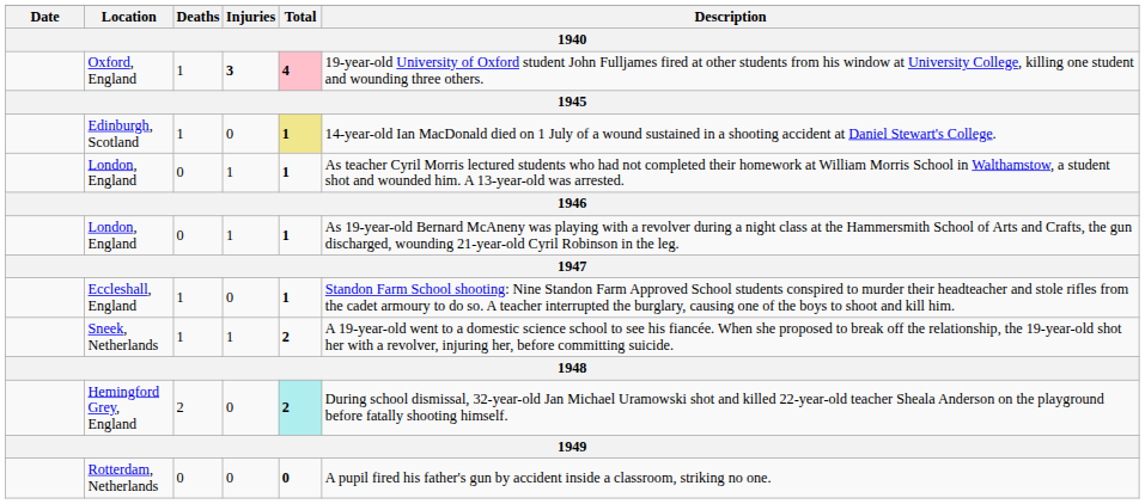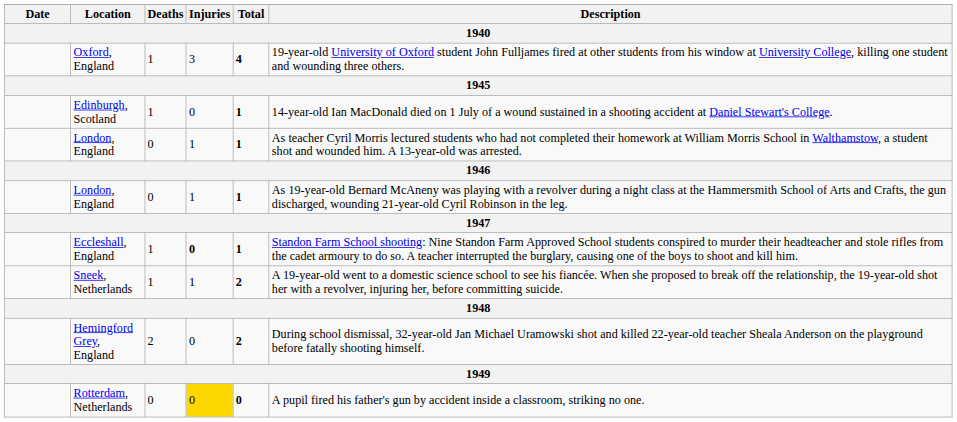 <table class="sortable wikitable" style="font-size:100%;" id="1940s">
 <tr>
 </tr>
 <tr>
 <th style="width:80px;">Date</th>
 <th style="width:90px;">Location</th>
 <th style="width:40px;">Deaths</th>
 <th style="width:40px;">Injuries</th>
 <th style="width:40px;">Total</th>
 <th class="unsortable">Description</th>
 </tr>
 <tr>
 <th colspan="7">1940 </th>
 </tr>
 <tr>
 <td></td>
 <td><a href='#'>Oxford</a>, England</td>
 <td>1</td>
-<td><strong>3</strong></td>
-<td style="background: pink;"><strong>4</strong></td>
+<td>3</td>
+<td><strong>4</strong></td>
 <td>19-year-old <a href='#'>University of Oxford</a> student John Fulljames fired at other students from his window at <a href='#'>University College</a>, killing one student and wounding three others.</td>
 </tr>
 <tr>
 <th colspan="7">1945 </th>
 </tr>
 <tr>
 <td></td>
 <td><a href='#'>Edinburgh</a>, Scotland</td>
 <td>1</td>
 <td>0</td>
-<td style="background: khaki;"><strong>1</strong></td>
+<td><strong>1</strong></td>
 <td>14-year-old Ian MacDonald died on 1 July of a wound sustained in a shooting accident at <a href='#'>Daniel Stewart's College</a>.</td>
 </tr>
 <tr>
 <td></td>
 <td><a href='#'>London</a>, England</td>
 <td>0</td>
 <td>1</td>
 <td><strong>1</strong></td>
 <td>As teacher Cyril Morris lectured students who had not completed their homework at William Morris School in <a href='#'>Walthamstow</a>, a student shot and wounded him. A 13-year-old was arrested.</td>
 </tr>
 <tr>
 <th colspan="7">1946 </th>
 </tr>
 <tr>
 <td></td>
 <td><a href='#'>London</a>, England</td>
 <td>0</td>
 <td>1</td>
 <td><strong>1</strong></td>
 <td>As 19-year-old Bernard McAneny was playing with a revolver during a night class at the Hammersmith School of Arts and Crafts, the gun discharged, wounding 21-year-old Cyril Robinson in the leg.</td>
 </tr>
 <tr>
 <th colspan="7">1947 </th>
 </tr>
 <tr>
 <td></td>
 <td><a href='#'>Eccleshall</a>, England</td>
 <td>1</td>
-<td>0</td>
+<td><strong>0</strong></td>
 <td><strong>1</strong></td>
 <td><a href='#'>Standon Farm School shooting</a>: Nine Standon Farm Approved School students conspired to murder their headteacher and stole rifles from the cadet armoury to do so. A teacher interrupted the burglary, causing one of the boys to shoot and kill him.</td>
 </tr>
 <tr>
 <td></td>
 <td><a href='#'>Sneek</a>, Netherlands</td>
 <td>1</td>
 <td>1</td>
 <td><strong>2</strong></td>
 <td>A 19-year-old went to a domestic science school to see his fiancée. When she proposed to break off the relationship, the 19-year-old shot her with a revolver, injuring her, before committing suicide.</td>
 </tr>
 <tr>
 <th colspan="7">1948 </th>
 </tr>
 <tr>
 <td></td>
 <td><a href='#'>Hemingford Grey</a>, England</td>
 <td>2</td>
 <td>0</td>
-<td style="background: paleturquoise;"><strong>2</strong></td>
+<td><strong>2</strong></td>
 <td>During school dismissal, 32-year-old Jan Michael Uramowski shot and killed 22-year-old teacher Sheala Anderson on the playground before fatally shooting himself.</td>
 </tr>
 <tr>
 <th colspan="7">1949 </th>
 </tr>
 <tr>
 <td></td>
 <td><a href='#'>Rotterdam</a>, Netherlands</td>
 <td>0</td>
-<td>0</td>
+<td style="background: gold;">0</td>
 <td><strong>0</strong></td>
 <td>A pupil fired his father's gun by accident inside a classroom, striking no one.</td>
 </tr>
 </table>
